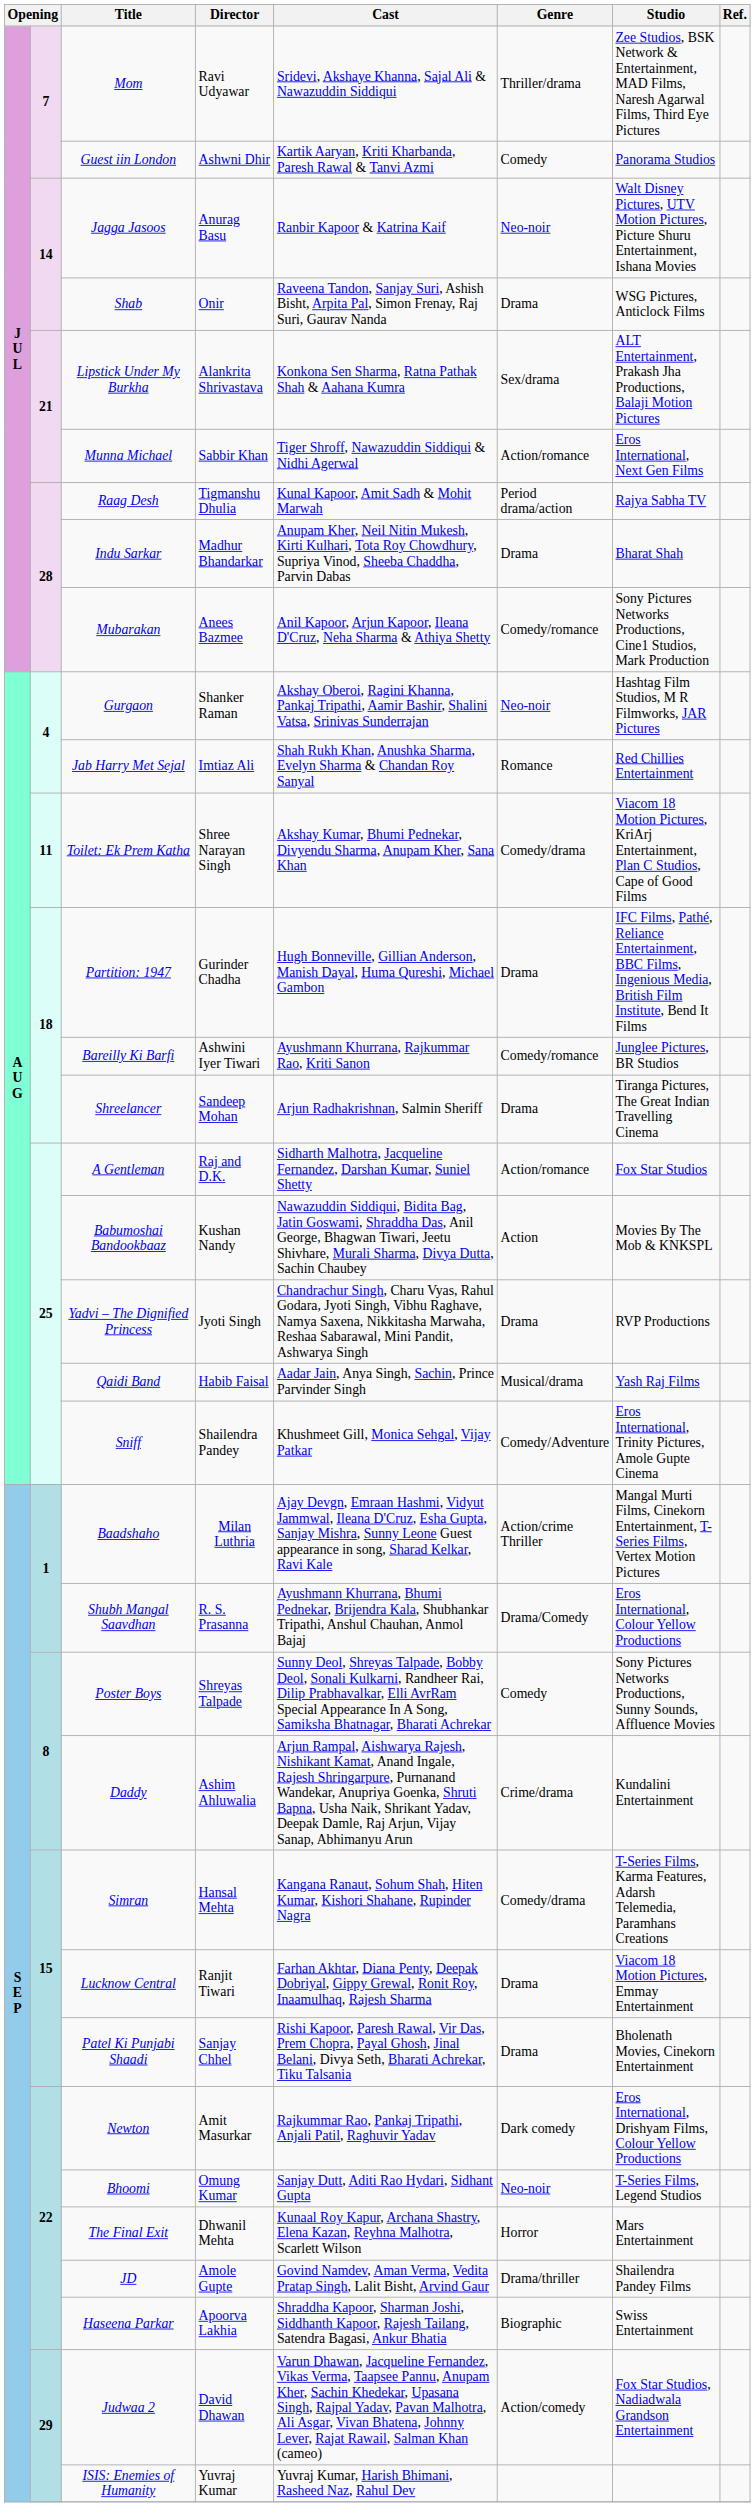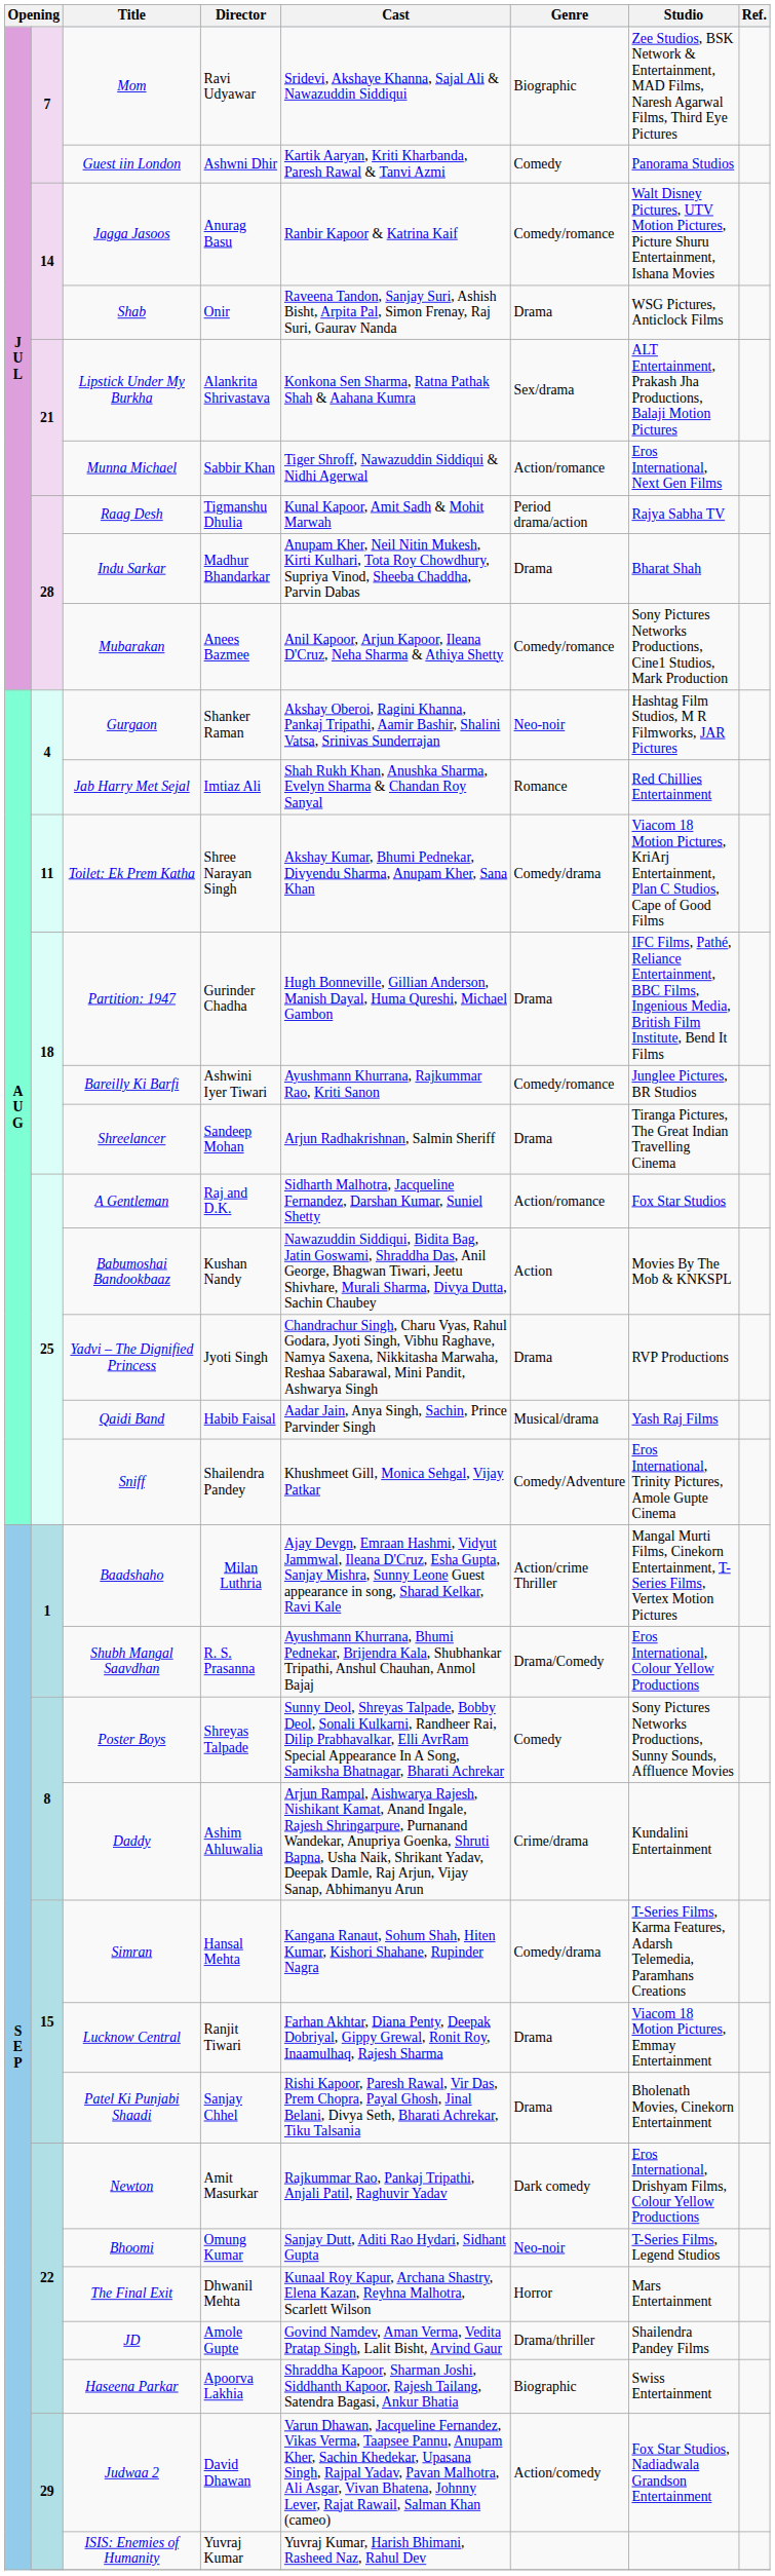 <table class="wikitable">
 <tr style="background:#b0e0e6; text-align:center;">
 <th colspan="2" style="width:6%;"><strong>Opening</strong></th>
 <th style="width:18%;"><strong>Title</strong></th>
 <th style="width:10.5%;"><strong>Director</strong></th>
 <th style="width:30%;"><strong>Cast</strong></th>
 <th style="width:10%;"><strong>Genre</strong></th>
 <th>Studio</th>
 <th>Ref.</th>
 </tr>
 <tr July!>
 <td rowspan="9" style="text-align:center; background:plum;"><strong>J<br>U<br>L</strong></td>
 <td rowspan="2" style="text-align:center;background:#f1daf1;"><strong>7</strong></td>
 <td style="text-align:center;"><em><a href='#'>Mom</a></em></td>
 <td>Ravi Udyawar</td>
 <td><a href='#'>Sridevi</a>, <a href='#'>Akshaye Khanna</a>, <a href='#'>Sajal Ali</a> & <a href='#'>Nawazuddin Siddiqui</a></td>
-<td>Thriller/drama</td>
+<td>Biographic</td>
 <td><a href='#'>Zee Studios</a>, BSK Network & Entertainment, MAD Films, Naresh Agarwal Films, Third Eye Pictures</td>
 <td></td>
 </tr>
 <tr>
 <td style="text-align:center;"><em><a href='#'>Guest iin London</a></em></td>
 <td><a href='#'>Ashwni Dhir</a></td>
 <td><a href='#'>Kartik Aaryan</a>, <a href='#'>Kriti Kharbanda</a>, <a href='#'>Paresh Rawal</a> & <a href='#'>Tanvi Azmi</a></td>
 <td>Comedy</td>
 <td><a href='#'>Panorama Studios</a></td>
 <td></td>
 </tr>
 <tr>
 <td rowspan="2" style="text-align:center;background:#f1daf1;"><strong>14</strong></td>
 <td style="text-align:center;"><em><a href='#'>Jagga Jasoos</a></em></td>
 <td><a href='#'>Anurag Basu</a></td>
 <td><a href='#'>Ranbir Kapoor</a> & <a href='#'>Katrina Kaif</a></td>
-<td><a href='#'>Neo-noir</a></td>
+<td>Comedy/romance</td>
 <td><a href='#'>Walt Disney Pictures</a>, <a href='#'>UTV Motion Pictures</a>, Picture Shuru Entertainment, Ishana Movies</td>
 <td></td>
 </tr>
 <tr>
 <td style="text-align:center;"><em><a href='#'>Shab</a></em></td>
 <td><a href='#'>Onir</a></td>
 <td><a href='#'>Raveena Tandon</a>, <a href='#'>Sanjay Suri</a>, Ashish Bisht, <a href='#'>Arpita Pal</a>, Simon Frenay, Raj Suri, Gaurav Nanda</td>
 <td>Drama</td>
 <td>WSG Pictures, Anticlock Films</td>
 <td></td>
 </tr>
 <tr>
 <td rowspan="2" style="text-align:center;background:#f1daf1;"><strong>21</strong></td>
 <td style="text-align:center;"><em><a href='#'>Lipstick Under My Burkha</a></em></td>
 <td><a href='#'>Alankrita Shrivastava</a></td>
 <td><a href='#'>Konkona Sen Sharma</a>, <a href='#'>Ratna Pathak Shah</a> & <a href='#'>Aahana Kumra</a></td>
 <td>Sex/drama</td>
 <td><a href='#'>ALT Entertainment</a>, Prakash Jha Productions, <a href='#'>Balaji Motion Pictures</a></td>
 <td></td>
 </tr>
 <tr>
 <td style="text-align:center;"><em><a href='#'>Munna Michael</a></em></td>
 <td><a href='#'>Sabbir Khan</a></td>
 <td><a href='#'>Tiger Shroff</a>, <a href='#'>Nawazuddin Siddiqui</a> & <a href='#'>Nidhi Agerwal</a></td>
 <td>Action/romance</td>
 <td><a href='#'>Eros International</a>, <a href='#'>Next Gen Films</a></td>
 <td></td>
 </tr>
 <tr>
 <td rowspan="3" style="text-align:center;background:#f1daf1;"><strong>28</strong></td>
 <td style="text-align:center;"><em><a href='#'>Raag Desh</a></em></td>
 <td><a href='#'>Tigmanshu Dhulia</a></td>
 <td><a href='#'>Kunal Kapoor</a>, <a href='#'>Amit Sadh</a> & <a href='#'>Mohit Marwah</a></td>
 <td>Period drama/action</td>
 <td><a href='#'>Rajya Sabha TV</a></td>
 <td></td>
 </tr>
 <tr>
 <td style="text-align:center;"><em><a href='#'>Indu Sarkar</a></em></td>
 <td><a href='#'>Madhur Bhandarkar</a></td>
 <td><a href='#'>Anupam Kher</a>, <a href='#'>Neil Nitin Mukesh</a>, <a href='#'>Kirti Kulhari</a>, <a href='#'>Tota Roy Chowdhury</a>, Supriya Vinod, <a href='#'>Sheeba Chaddha</a>, Parvin Dabas</td>
 <td>Drama</td>
 <td><a href='#'>Bharat Shah</a></td>
 <td></td>
 </tr>
 <tr>
 <td style="text-align:center;"><em><a href='#'>Mubarakan</a></em></td>
 <td><a href='#'>Anees Bazmee</a></td>
 <td><a href='#'>Anil Kapoor</a>, <a href='#'>Arjun Kapoor</a>, <a href='#'>Ileana D'Cruz</a>, <a href='#'>Neha Sharma</a> & <a href='#'>Athiya Shetty</a></td>
 <td>Comedy/romance</td>
 <td>Sony Pictures Networks Productions, Cine1 Studios, Mark Production</td>
 <td></td>
 </tr>
 <tr August!>
 <td rowspan="11" style="text-align:center; background:#7FFFD4; textcolor:#000;"><strong>A<br>U<br>G</strong></td>
 <td rowspan="2" style="text-align:center;background:#DBFFF8;"><strong>4</strong></td>
 <td style="text-align:center;"><em><a href='#'>Gurgaon</a></em></td>
 <td>Shanker Raman</td>
 <td><a href='#'>Akshay Oberoi</a>, <a href='#'>Ragini Khanna</a>, <a href='#'>Pankaj Tripathi</a>, <a href='#'>Aamir Bashir</a>, <a href='#'>Shalini Vatsa</a>, <a href='#'>Srinivas Sunderrajan</a></td>
 <td><a href='#'>Neo-noir</a></td>
 <td>Hashtag Film Studios, M R Filmworks, <a href='#'>JAR Pictures</a></td>
 <td></td>
 </tr>
 <tr>
 <td style="text-align:center;"><em><a href='#'>Jab Harry Met Sejal</a></em></td>
 <td><a href='#'>Imtiaz Ali</a></td>
 <td><a href='#'>Shah Rukh Khan</a>, <a href='#'>Anushka Sharma</a>, <a href='#'>Evelyn Sharma</a> & <a href='#'>Chandan Roy Sanyal</a></td>
 <td>Romance</td>
 <td><a href='#'>Red Chillies Entertainment</a></td>
 <td></td>
 </tr>
 <tr>
 <td style="text-align:center; background:#dbfff8;"><strong>11</strong></td>
 <td style="text-align:center;"><em><a href='#'>Toilet: Ek Prem Katha</a></em></td>
 <td>Shree Narayan Singh</td>
 <td><a href='#'>Akshay Kumar</a>, <a href='#'>Bhumi Pednekar</a>, <a href='#'>Divyendu Sharma</a>, <a href='#'>Anupam Kher</a>, <a href='#'>Sana Khan</a></td>
 <td>Comedy/drama</td>
 <td><a href='#'>Viacom 18 Motion Pictures</a>, KriArj Entertainment, <a href='#'>Plan C Studios</a>, Cape of Good Films</td>
 <td></td>
 </tr>
 <tr>
 <td rowspan="3" style="text-align:center;background:#DBFFF8;"><strong>18</strong></td>
 <td style="text-align:center;"><em><a href='#'>Partition: 1947</a></em></td>
 <td>Gurinder Chadha</td>
 <td><a href='#'>Hugh Bonneville</a>, <a href='#'>Gillian Anderson</a>, <a href='#'>Manish Dayal</a>, <a href='#'>Huma Qureshi</a>, <a href='#'>Michael Gambon</a></td>
 <td>Drama</td>
 <td><a href='#'>IFC Films</a>, <a href='#'>Pathé</a>, <a href='#'>Reliance Entertainment</a>, <a href='#'>BBC Films</a>, <a href='#'>Ingenious Media</a>, <a href='#'>British Film Institute</a>, Bend It Films</td>
 <td></td>
 </tr>
 <tr>
 <td style="text-align:center;"><em><a href='#'>Bareilly Ki Barfi</a></em></td>
 <td>Ashwini Iyer Tiwari</td>
 <td><a href='#'>Ayushmann Khurrana</a>, <a href='#'>Rajkummar Rao</a>, <a href='#'>Kriti Sanon</a></td>
 <td>Comedy/romance</td>
 <td><a href='#'>Junglee Pictures</a>, BR Studios</td>
 <td></td>
 </tr>
 <tr>
 <td style="text-align:center;"><em><a href='#'>Shreelancer</a></em></td>
 <td><a href='#'>Sandeep Mohan</a></td>
 <td><a href='#'>Arjun Radhakrishnan</a>, Salmin Sheriff</td>
 <td>Drama</td>
 <td>Tiranga Pictures, The Great Indian Travelling Cinema</td>
 <td></td>
 </tr>
 <tr>
 <td rowspan="5" style="text-align:center;background:#DBFFF8;"><strong>25</strong></td>
 <td style="text-align:center;"><em><a href='#'>A Gentleman</a></em></td>
 <td><a href='#'>Raj and D.K.</a></td>
 <td><a href='#'>Sidharth Malhotra</a>, <a href='#'>Jacqueline Fernandez</a>, <a href='#'>Darshan Kumar</a>, <a href='#'>Suniel Shetty</a></td>
 <td>Action/romance</td>
 <td><a href='#'>Fox Star Studios</a></td>
 <td></td>
 </tr>
 <tr>
 <td style="text-align:center;"><em><a href='#'>Babumoshai Bandookbaaz</a></em></td>
 <td>Kushan Nandy</td>
 <td><a href='#'>Nawazuddin Siddiqui</a>, <a href='#'>Bidita Bag</a>, <a href='#'>Jatin Goswami</a>, <a href='#'>Shraddha Das</a>, Anil George, Bhagwan Tiwari, Jeetu Shivhare, <a href='#'>Murali Sharma</a>, <a href='#'>Divya Dutta</a>, Sachin Chaubey</td>
 <td>Action</td>
 <td>Movies By The Mob & KNKSPL</td>
 <td></td>
 </tr>
 <tr>
 <td style="text-align:center;"><em><a href='#'>Yadvi – The Dignified Princess</a></em></td>
 <td>Jyoti Singh</td>
 <td><a href='#'>Chandrachur Singh</a>, Charu Vyas, Rahul Godara, Jyoti Singh, Vibhu Raghave, Namya Saxena, Nikkitasha Marwaha, Reshaa Sabarawal, Mini Pandit, Ashwarya Singh</td>
 <td>Drama</td>
 <td>RVP Productions</td>
 <td></td>
 </tr>
 <tr>
 <td style=" text-align:center;"><em><a href='#'>Qaidi Band</a></em></td>
 <td><a href='#'>Habib Faisal</a></td>
 <td><a href='#'>Aadar Jain</a>, Anya Singh, <a href='#'>Sachin</a>, Prince Parvinder Singh</td>
 <td>Musical/drama</td>
 <td><a href='#'>Yash Raj Films</a></td>
 <td></td>
 </tr>
 <tr>
 <td style=" text-align:center;"><em><a href='#'>Sniff</a></em></td>
 <td>Shailendra Pandey</td>
 <td>Khushmeet Gill, <a href='#'>Monica Sehgal</a>, <a href='#'>Vijay Patkar</a></td>
 <td>Comedy/Adventure</td>
 <td><a href='#'>Eros International</a>, Trinity Pictures, Amole Gupte Cinema</td>
 <td></td>
 </tr>
 <tr September!>
 <td rowspan="15" style="text-align:center; background:#93CCEA; textcolor:#000;"><strong>S<br>E<br>P</strong></td>
 <td rowspan="2" style="text-align:center;background:#B0E0E6;"><strong>1</strong></td>
 <td style="text-align:center;"><em><a href='#'>Baadshaho</a></em></td>
 <td style="text-align:center;"><a href='#'>Milan Luthria</a></td>
 <td><a href='#'>Ajay Devgn</a>, <a href='#'>Emraan Hashmi</a>, <a href='#'>Vidyut Jammwal</a>, <a href='#'>Ileana D'Cruz</a>, <a href='#'>Esha Gupta</a>, <a href='#'>Sanjay Mishra</a>, <a href='#'>Sunny Leone</a> Guest appearance in song, <a href='#'>Sharad Kelkar</a>, <a href='#'>Ravi Kale</a></td>
 <td>Action/crime Thriller</td>
 <td>Mangal Murti Films, Cinekorn Entertainment, <a href='#'>T-Series Films</a>, Vertex Motion Pictures</td>
 <td></td>
 </tr>
 <tr>
 <td style="text-align:center;"><em><a href='#'>Shubh Mangal Saavdhan</a></em></td>
 <td><a href='#'>R. S. Prasanna</a></td>
 <td><a href='#'>Ayushmann Khurrana</a>, <a href='#'>Bhumi Pednekar</a>, <a href='#'>Brijendra Kala</a>, Shubhankar Tripathi, Anshul Chauhan, Anmol Bajaj</td>
 <td>Drama/Comedy</td>
 <td><a href='#'>Eros International</a>, <a href='#'>Colour Yellow Productions</a></td>
 <td></td>
 </tr>
 <tr>
 <td rowspan="2" style="text-align:center;background:#B0E0E6;"><strong>8</strong></td>
 <td style="text-align:center;"><em><a href='#'>Poster Boys</a></em></td>
 <td><a href='#'>Shreyas Talpade</a></td>
 <td><a href='#'>Sunny Deol</a>, <a href='#'>Shreyas Talpade</a>, <a href='#'>Bobby Deol</a>, <a href='#'>Sonali Kulkarni</a>, Randheer Rai, <a href='#'>Dilip Prabhavalkar</a>, <a href='#'>Elli AvrRam</a> Special Appearance In A Song, <a href='#'>Samiksha Bhatnagar</a>, <a href='#'>Bharati Achrekar</a></td>
 <td>Comedy</td>
 <td>Sony Pictures Networks Productions, Sunny Sounds, Affluence Movies</td>
 <td></td>
 </tr>
 <tr>
 <td style="text-align:center;"><em><a href='#'>Daddy</a></em></td>
 <td><a href='#'>Ashim Ahluwalia</a></td>
 <td><a href='#'>Arjun Rampal</a>, <a href='#'>Aishwarya Rajesh</a>, <a href='#'>Nishikant Kamat</a>, Anand Ingale, <a href='#'>Rajesh Shringarpure</a>, Purnanand Wandekar, Anupriya Goenka, <a href='#'>Shruti Bapna</a>, Usha Naik, Shrikant Yadav, Deepak Damle, Raj Arjun, Vijay Sanap, Abhimanyu Arun</td>
 <td>Crime/drama</td>
 <td>Kundalini Entertainment</td>
 <td></td>
 </tr>
 <tr>
 <td rowspan="3" style="text-align:center;background:#B0E0E6;"><strong>15</strong></td>
 <td style="text-align:center;"><em><a href='#'>Simran</a></em></td>
 <td><a href='#'>Hansal Mehta</a></td>
 <td><a href='#'>Kangana Ranaut</a>, <a href='#'>Sohum Shah</a>, <a href='#'>Hiten Kumar</a>, <a href='#'>Kishori Shahane</a>, <a href='#'>Rupinder Nagra</a></td>
 <td>Comedy/drama</td>
 <td><a href='#'>T-Series Films</a>, Karma Features, Adarsh Telemedia, Paramhans Creations</td>
 <td></td>
 </tr>
 <tr>
 <td style="text-align:center;"><em><a href='#'>Lucknow Central</a></em></td>
 <td>Ranjit Tiwari</td>
 <td><a href='#'>Farhan Akhtar</a>, <a href='#'>Diana Penty</a>, <a href='#'>Deepak Dobriyal</a>, <a href='#'>Gippy Grewal</a>, <a href='#'>Ronit Roy</a>, <a href='#'>Inaamulhaq</a>, <a href='#'>Rajesh Sharma</a></td>
 <td>Drama</td>
 <td><a href='#'>Viacom 18 Motion Pictures</a>, Emmay Entertainment</td>
 <td></td>
 </tr>
 <tr>
 <td style="text-align:center;"><em><a href='#'>Patel Ki Punjabi Shaadi</a></em></td>
 <td><a href='#'>Sanjay Chhel</a></td>
 <td><a href='#'>Rishi Kapoor</a>, <a href='#'>Paresh Rawal</a>, <a href='#'>Vir Das</a>, <a href='#'>Prem Chopra</a>, <a href='#'>Payal Ghosh</a>, <a href='#'>Jinal Belani</a>, Divya Seth, <a href='#'>Bharati Achrekar</a>, <a href='#'>Tiku Talsania</a></td>
 <td>Drama</td>
 <td>Bholenath Movies, Cinekorn Entertainment</td>
 <td></td>
 </tr>
 <tr>
 <td rowspan="5" style="text-align:center;background:#B0E0E6;"><strong>22</strong></td>
 <td style="text-align:center;"><em><a href='#'>Newton</a></em></td>
 <td>Amit Masurkar</td>
 <td><a href='#'>Rajkummar Rao</a>, <a href='#'>Pankaj Tripathi</a>, <a href='#'>Anjali Patil</a>, <a href='#'>Raghuvir Yadav</a></td>
 <td>Dark comedy</td>
 <td><a href='#'>Eros International</a>, Drishyam Films, <a href='#'>Colour Yellow Productions</a></td>
 <td></td>
 </tr>
 <tr>
 <td style="text-align:center;"><em><a href='#'>Bhoomi</a></em></td>
 <td><a href='#'>Omung Kumar</a></td>
 <td><a href='#'>Sanjay Dutt</a>, <a href='#'>Aditi Rao Hydari</a>, <a href='#'>Sidhant Gupta</a></td>
 <td><a href='#'>Neo-noir</a></td>
 <td><a href='#'>T-Series Films</a>, Legend Studios</td>
 <td></td>
 </tr>
 <tr>
 <td style="text-align:center;"><em><a href='#'>The Final Exit</a></em></td>
 <td>Dhwanil Mehta</td>
 <td><a href='#'>Kunaal Roy Kapur</a>, <a href='#'>Archana Shastry</a>, <a href='#'>Elena Kazan</a>, <a href='#'>Reyhna Malhotra</a>, Scarlett Wilson</td>
 <td>Horror</td>
 <td>Mars Entertainment</td>
 <td></td>
 </tr>
 <tr>
 <td style="text-align:center;"><em><a href='#'>JD</a></em></td>
 <td><a href='#'>Amole Gupte</a></td>
 <td><a href='#'>Govind Namdev</a>, <a href='#'>Aman Verma</a>, <a href='#'>Vedita Pratap Singh</a>, Lalit Bisht, <a href='#'>Arvind Gaur</a></td>
 <td>Drama/thriller</td>
 <td>Shailendra Pandey Films</td>
 <td></td>
 </tr>
 <tr>
 <td style="text-align:center;"><em><a href='#'>Haseena Parkar</a></em></td>
 <td><a href='#'>Apoorva Lakhia</a></td>
 <td><a href='#'>Shraddha Kapoor</a>, <a href='#'>Sharman Joshi</a>, <a href='#'>Siddhanth Kapoor</a>, <a href='#'>Rajesh Tailang</a>, Satendra Bagasi, <a href='#'>Ankur Bhatia</a></td>
 <td>Biographic</td>
 <td>Swiss Entertainment</td>
 <td></td>
 </tr>
 <tr>
 <td rowspan="2" style="text-align:center;background:#B0E0E6;"><strong>29</strong></td>
 <td style="text-align:center; "><em><a href='#'>Judwaa 2</a></em></td>
 <td><a href='#'>David Dhawan</a></td>
 <td><a href='#'>Varun Dhawan</a>, <a href='#'>Jacqueline Fernandez</a>, <a href='#'>Vikas Verma</a>, <a href='#'>Taapsee Pannu</a>, <a href='#'>Anupam Kher</a>, <a href='#'>Sachin Khedekar</a>, <a href='#'>Upasana Singh</a>, <a href='#'>Rajpal Yadav</a>, <a href='#'>Pavan Malhotra</a>, <a href='#'>Ali Asgar</a>, <a href='#'>Vivan Bhatena</a>, <a href='#'>Johnny Lever</a>, <a href='#'>Rajat Rawail</a>, <a href='#'>Salman Khan</a> (cameo)</td>
 <td>Action/comedy</td>
 <td><a href='#'>Fox Star Studios</a>, <a href='#'>Nadiadwala Grandson Entertainment</a></td>
 <td></td>
 </tr>
 <tr>
 <td style="text-align:center;"><em><a href='#'>ISIS: Enemies of Humanity</a></em></td>
 <td>Yuvraj Kumar</td>
 <td>Yuvraj Kumar, <a href='#'>Harish Bhimani</a>, <a href='#'>Rasheed Naz</a>, <a href='#'>Rahul Dev</a></td>
 <td></td>
 <td></td>
 <td></td>
 </tr>
 <tr>
 </tr>
 </table>
